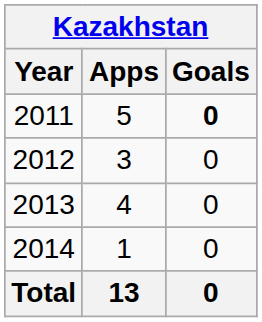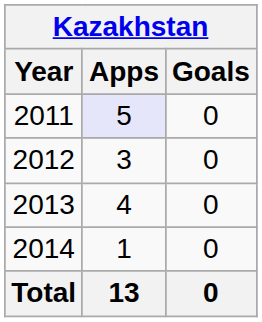 <table class="wikitable" style="text-align:center">
 <tr>
 <th colspan=3><a href='#'>Kazakhstan</a></th>
 </tr>
 <tr>
 <th>Year</th>
 <th>Apps</th>
 <th>Goals</th>
 </tr>
 <tr>
 <td>2011</td>
-<td>5</td>
-<td><strong>0</strong></td>
+<td style="background: lavender;">5</td>
+<td>0</td>
 </tr>
 <tr>
 <td>2012</td>
 <td>3</td>
 <td>0</td>
 </tr>
 <tr>
 <td>2013</td>
 <td>4</td>
 <td>0</td>
 </tr>
 <tr>
 <td>2014</td>
 <td>1</td>
 <td>0</td>
 </tr>
 <tr>
 <th>Total</th>
 <th>13</th>
 <th>0</th>
 </tr>
 </table>
